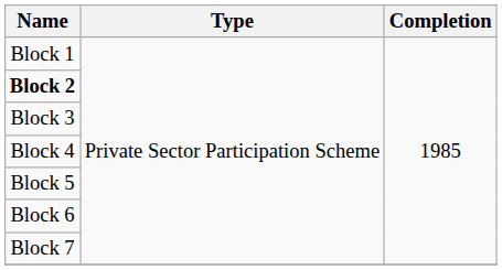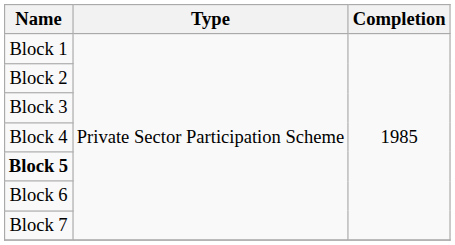 <table class="wikitable" style="text-align: center">
 <tr>
 <th>Name</th>
 <th>Type</th>
 <th>Completion</th>
 </tr>
 <tr>
 <td>Block 1</td>
 <td rowspan="7">Private Sector Participation Scheme</td>
 <td rowspan="7">1985</td>
 </tr>
 <tr>
-<td><strong>Block 2</strong></td>
+<td>Block 2</td>
 </tr>
 <tr>
 <td>Block 3</td>
 </tr>
 <tr>
 <td>Block 4</td>
 </tr>
 <tr>
-<td>Block 5</td>
+<td><strong>Block 5</strong></td>
 </tr>
 <tr>
 <td>Block 6</td>
 </tr>
 <tr>
 <td>Block 7</td>
 </tr>
 <tr>
 </tr>
 </table>
